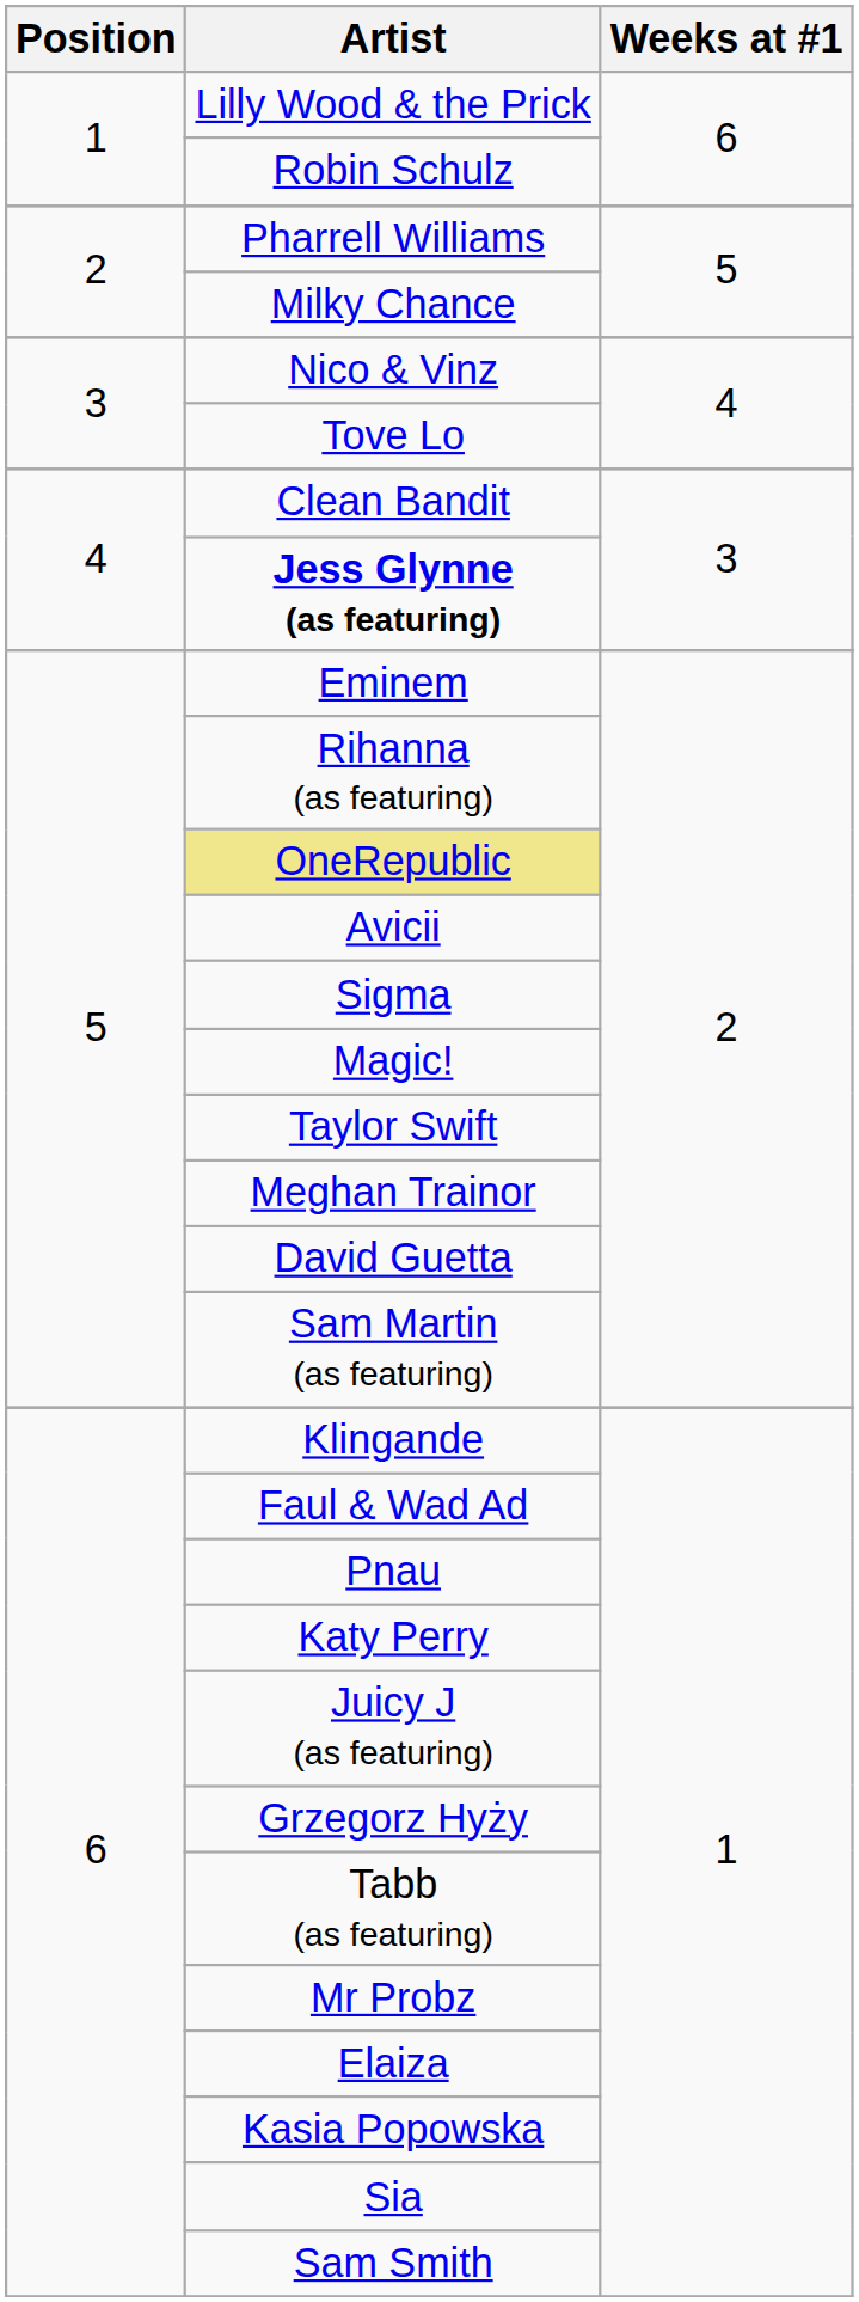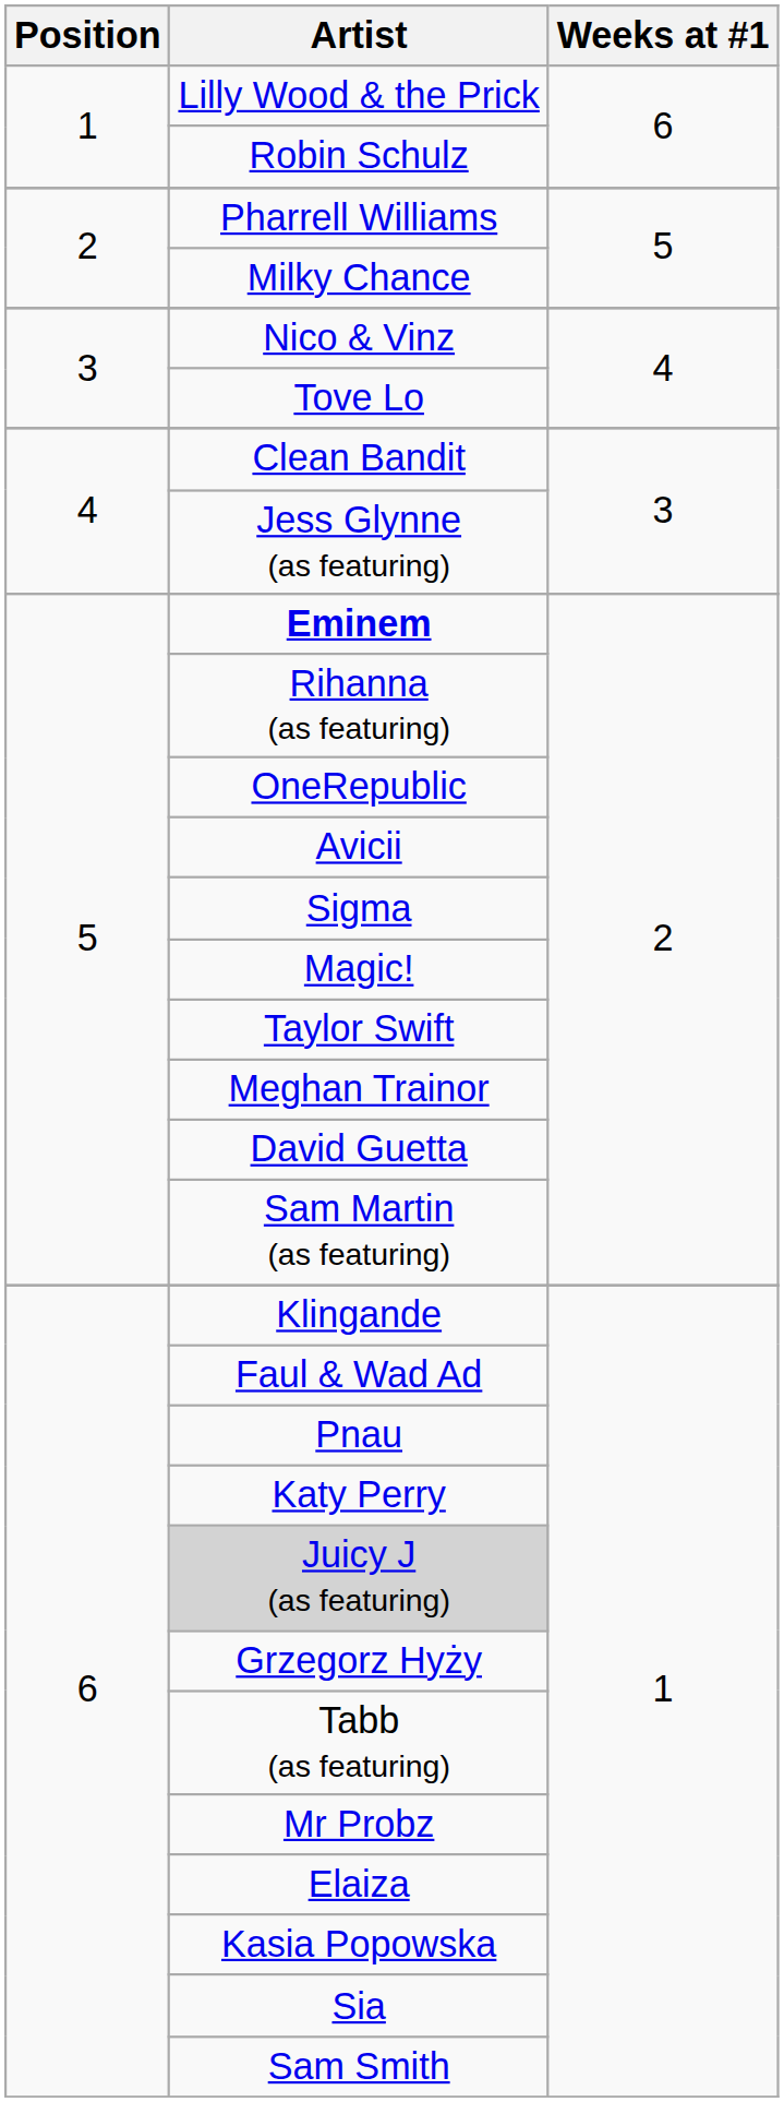 <table class="wikitable" style="font-size:97%;">
 <tr>
 <th>Position</th>
 <th>Artist</th>
 <th>Weeks at #1</th>
 </tr>
 <tr style="text-align:center;">
 <td rowspan="2">1</td>
 <td style="text-align:center;"><a href='#'>Lilly Wood & the Prick</a></td>
 <td style="text-align:center;" rowspan="2">6</td>
 </tr>
 <tr>
 <td style="text-align:center;"><a href='#'>Robin Schulz</a></td>
 </tr>
 <tr>
 </tr>
 <tr style="text-align:center;">
 <td rowspan="2">2</td>
 <td style="text-align:center;"><a href='#'>Pharrell Williams</a></td>
 <td style="text-align:center;" rowspan="2">5</td>
 </tr>
 <tr>
 <td style="text-align:center;"><a href='#'>Milky Chance</a></td>
 </tr>
 <tr>
 </tr>
 <tr style="text-align:center;">
 <td rowspan="2">3</td>
 <td style="text-align:center;"><a href='#'>Nico & Vinz</a></td>
 <td style="text-align:center;" rowspan="2">4</td>
 </tr>
 <tr>
 <td style="text-align:center;"><a href='#'>Tove Lo</a></td>
 </tr>
 <tr>
 </tr>
 <tr style="text-align:center;">
 <td rowspan="2">4</td>
 <td style="text-align:center;"><a href='#'>Clean Bandit</a></td>
 <td style="text-align:center;" rowspan="2">3</td>
 </tr>
 <tr>
-<td style="text-align:center;"><strong><a href='#'>Jess Glynne</a><br><small>(as featuring)</small></strong></td>
+<td style="text-align:center;"><a href='#'>Jess Glynne</a><br><small>(as featuring)</small></td>
 </tr>
 <tr>
 </tr>
 <tr style="text-align:center;">
 <td rowspan="10">5</td>
-<td style="text-align:center;"><a href='#'>Eminem</a></td>
+<td style="text-align:center;"><strong><a href='#'>Eminem</a></strong></td>
 <td style="text-align:center;" rowspan="10">2</td>
 </tr>
 <tr>
 <td style="text-align:center;"><a href='#'>Rihanna</a><br><small>(as featuring)</small></td>
 </tr>
 <tr>
-<td style="background: khaki; text-align:center;"><a href='#'>OneRepublic</a></td>
+<td style="text-align:center;"><a href='#'>OneRepublic</a></td>
 </tr>
 <tr>
 <td style="text-align:center;"><a href='#'>Avicii</a></td>
 </tr>
 <tr>
 <td style="text-align:center;"><a href='#'>Sigma</a></td>
 </tr>
 <tr>
 <td style="text-align:center;"><a href='#'>Magic!</a></td>
 </tr>
 <tr>
 <td style="text-align:center;"><a href='#'>Taylor Swift</a></td>
 </tr>
 <tr>
 <td style="text-align:center;"><a href='#'>Meghan Trainor</a></td>
 </tr>
 <tr>
 <td style="text-align:center;"><a href='#'>David Guetta</a></td>
 </tr>
 <tr>
 <td style="text-align:center;"><a href='#'>Sam Martin</a><br><small>(as featuring)</small></td>
 </tr>
 <tr>
 </tr>
 <tr style="text-align:center;">
 <td rowspan="12">6</td>
 <td style="text-align:center;"><a href='#'>Klingande</a></td>
 <td style="text-align:center;" rowspan="12">1</td>
 </tr>
 <tr>
 <td style="text-align:center;"><a href='#'>Faul & Wad Ad</a></td>
 </tr>
 <tr>
 <td style="text-align:center;"><a href='#'>Pnau</a></td>
 </tr>
 <tr>
 <td style="text-align:center;"><a href='#'>Katy Perry</a></td>
 </tr>
 <tr>
-<td style="text-align:center;"><a href='#'>Juicy J</a><br><small>(as featuring)</small></td>
+<td style="background: lightgrey; text-align:center;"><a href='#'>Juicy J</a><br><small>(as featuring)</small></td>
 </tr>
 <tr>
 <td style="text-align:center;"><a href='#'>Grzegorz Hyży</a></td>
 </tr>
 <tr>
 <td style="text-align:center;">Tabb<br><small>(as featuring)</small></td>
 </tr>
 <tr>
 <td style="text-align:center;"><a href='#'>Mr Probz</a></td>
 </tr>
 <tr>
 <td style="text-align:center;"><a href='#'>Elaiza</a></td>
 </tr>
 <tr>
 <td style="text-align:center;"><a href='#'>Kasia Popowska</a></td>
 </tr>
 <tr>
 <td style="text-align:center;"><a href='#'>Sia</a></td>
 </tr>
 <tr>
 <td style="text-align:center;"><a href='#'>Sam Smith</a></td>
 </tr>
 </table>
